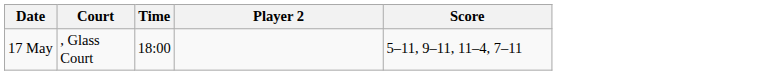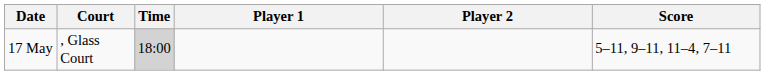 <table class="sortable wikitable" style="font-size:90%">
 <tr>
 <th width="45" class="unsortable">Date</th>
 <th width="70">Court</th>
 <th width="30">Time</th>
+<th width="200">Player 1</th>
 <th width="200">Player 2</th>
 <th width="160" class="unsortable">Score</th>
 </tr>
 <tr>
 <td>17 May</td>
 <td>, Glass Court</td>
-<td>18:00</td>
+<td style="background: lightgrey;">18:00</td>
+<td></td>
 <td><strong></strong></td>
 <td>5–11, 9–11, 11–4, 7–11</td>
 </tr>
 </table>
